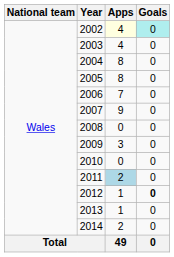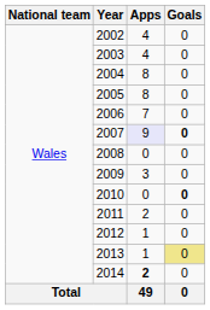 <table class="wikitable" style="text-align:center">
 <tr>
 <th>National team</th>
 <th>Year</th>
 <th>Apps</th>
 <th>Goals</th>
 </tr>
 <tr>
 <td rowspan="13"><a href='#'>Wales</a></td>
 <td>2002</td>
-<td style="background: lightyellow;">4</td>
-<td style="background: paleturquoise;">0</td>
+<td>4</td>
+<td>0</td>
 </tr>
 <tr>
 <td>2003</td>
 <td>4</td>
 <td>0</td>
 </tr>
 <tr>
 <td>2004</td>
 <td>8</td>
 <td>0</td>
 </tr>
 <tr>
 <td>2005</td>
 <td>8</td>
 <td>0</td>
 </tr>
 <tr>
 <td>2006</td>
 <td>7</td>
 <td>0</td>
 </tr>
 <tr>
 <td>2007</td>
-<td>9</td>
-<td>0</td>
+<td style="background: lavender;">9</td>
+<td><strong>0</strong></td>
 </tr>
 <tr>
 <td>2008</td>
 <td>0</td>
 <td>0</td>
 </tr>
 <tr>
 <td>2009</td>
 <td>3</td>
 <td>0</td>
 </tr>
 <tr>
 <td>2010</td>
 <td>0</td>
-<td>0</td>
+<td><strong>0</strong></td>
 </tr>
 <tr>
 <td>2011</td>
-<td style="background: lightblue;">2</td>
+<td>2</td>
 <td>0</td>
 </tr>
 <tr>
 <td>2012</td>
 <td>1</td>
-<td><strong>0</strong></td>
+<td>0</td>
 </tr>
 <tr>
 <td>2013</td>
 <td>1</td>
-<td>0</td>
+<td style="background: khaki;">0</td>
 </tr>
 <tr>
 <td>2014</td>
-<td>2</td>
+<td><strong>2</strong></td>
 <td>0</td>
 </tr>
 <tr>
 <th colspan="2">Total</th>
 <th>49</th>
 <th>0</th>
 </tr>
 </table>
